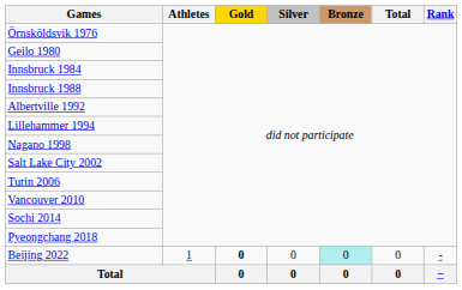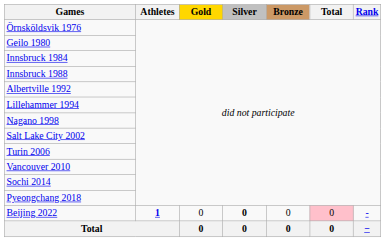 <table class="wikitable" style="text-align:center; font-size:100%;">
 <tr>
 <th style="width:13em;">Games</th>
 <th style="width:4em;">Athletes</th>
 <th style="width:4em; background:gold;">Gold</th>
 <th style="width:4em; background:silver;">Silver</th>
 <th style="width:4em; background:#cc9966;">Bronze</th>
 <th style="width:4em;">Total</th>
 <th style="width:2em;"><a href='#'>Rank</a></th>
 </tr>
 <tr>
 <td align=left> <a href='#'>Örnsköldsvik 1976</a></td>
 <td colspan=6 rowspan="12"><em>did not participate</em></td>
 </tr>
 <tr>
 <td align=left> <a href='#'>Geilo 1980</a></td>
 </tr>
 <tr>
 <td align=left> <a href='#'>Innsbruck 1984</a></td>
 </tr>
 <tr>
 <td align=left> <a href='#'>Innsbruck 1988</a></td>
 </tr>
 <tr>
 <td align=left> <a href='#'>Albertville 1992</a></td>
 </tr>
 <tr>
 <td align=left> <a href='#'>Lillehammer 1994</a></td>
 </tr>
 <tr>
 <td align=left> <a href='#'>Nagano 1998</a></td>
 </tr>
 <tr>
 <td align=left> <a href='#'>Salt Lake City 2002</a></td>
 </tr>
 <tr>
 <td align=left> <a href='#'>Turin 2006</a></td>
 </tr>
 <tr>
 <td align=left> <a href='#'>Vancouver 2010</a></td>
 </tr>
 <tr>
 <td align=left> <a href='#'>Sochi 2014</a></td>
 </tr>
 <tr>
 <td align=left> <a href='#'>Pyeongchang 2018</a></td>
 </tr>
 <tr>
 <td align=left> <a href='#'>Beijing 2022</a></td>
-<td><a href='#'>1</a></td>
+<td><strong><a href='#'>1</a></strong></td>
+<td>0</td>
 <td><strong>0</strong></td>
 <td>0</td>
-<td style="background: paleturquoise;">0</td>
-<td>0</td>
+<td style="background: pink;">0</td>
 <td><a href='#'>-</a></td>
 </tr>
 <tr>
 <th colspan=2>Total</th>
 <th>0</th>
 <th>0</th>
 <th>0</th>
 <th>0</th>
 <th><a href='#'>−</a></th>
 </tr>
 </table>
